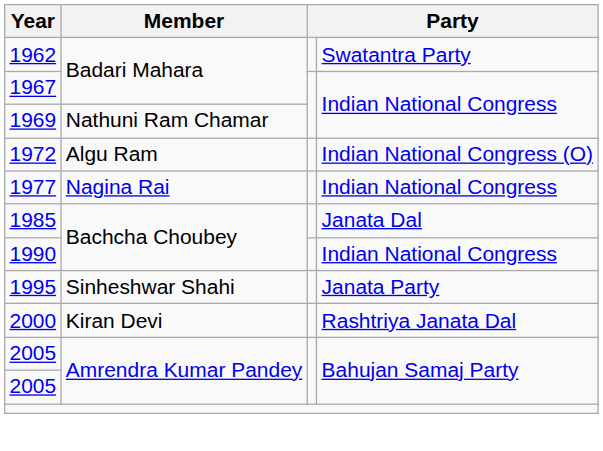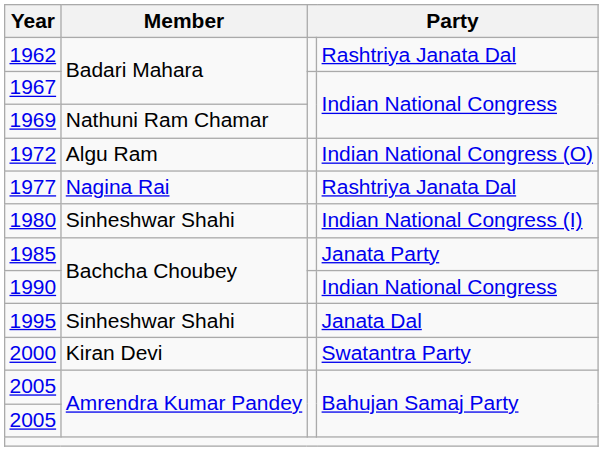 <table class="wikitable">
 <tr>
 <th>Year</th>
 <th>Member</th>
 <th colspan="2">Party</th>
 </tr>
 <tr>
 <td><a href='#'>1962</a></td>
 <td rowspan="2">Badari Mahara</td>
 <td style="background-color: "></td>
-<td><a href='#'>Swatantra Party</a></td>
+<td><a href='#'>Rashtriya Janata Dal</a></td>
 </tr>
 <tr>
 <td><a href='#'>1967</a></td>
 <td rowspan="2" style="background-color: "></td>
 <td rowspan="2"><a href='#'>Indian National Congress</a></td>
 </tr>
 <tr>
 <td><a href='#'>1969</a></td>
 <td>Nathuni Ram Chamar</td>
 </tr>
 <tr>
 <td><a href='#'>1972</a></td>
 <td>Algu Ram</td>
 <td style="background-color: "></td>
 <td><a href='#'>Indian National Congress (O)</a></td>
 </tr>
 <tr>
 <td><a href='#'>1977</a></td>
 <td><a href='#'>Nagina Rai</a></td>
 <td style="background-color: "></td>
-<td><a href='#'>Indian National Congress</a></td>
+<td><a href='#'>Rashtriya Janata Dal</a></td>
+</tr>
+<tr>
+<td><a href='#'>1980</a></td>
+<td>Sinheshwar Shahi</td>
+<td style="background-color: "></td>
+<td><a href='#'>Indian National Congress (I)</a></td>
 </tr>
 <tr>
 <td><a href='#'>1985</a></td>
 <td rowspan="2">Bachcha Choubey</td>
 <td style="background-color: "></td>
-<td><a href='#'>Janata Dal</a></td>
+<td><a href='#'>Janata Party</a></td>
 </tr>
 <tr>
 <td><a href='#'>1990</a></td>
 <td style="background-color: "></td>
 <td><a href='#'>Indian National Congress</a></td>
 </tr>
 <tr>
 <td><a href='#'>1995</a></td>
 <td>Sinheshwar Shahi</td>
 <td style="background-color: "></td>
-<td><a href='#'>Janata Party</a></td>
+<td><a href='#'>Janata Dal</a></td>
 </tr>
 <tr>
 <td><a href='#'>2000</a></td>
 <td>Kiran Devi</td>
 <td style="background-color: "></td>
-<td><a href='#'>Rashtriya Janata Dal</a></td>
+<td><a href='#'>Swatantra Party</a></td>
 </tr>
 <tr>
 <td><a href='#'>2005</a></td>
 <td rowspan="2"><a href='#'>Amrendra Kumar Pandey</a></td>
 <td rowspan="2" style="background-color: "></td>
 <td rowspan="2"><a href='#'>Bahujan Samaj Party</a></td>
 </tr>
 <tr>
 <td><a href='#'>2005</a></td>
 </tr>
 <tr>
 <td colspan="4"></td>
 </tr>
 </table>
